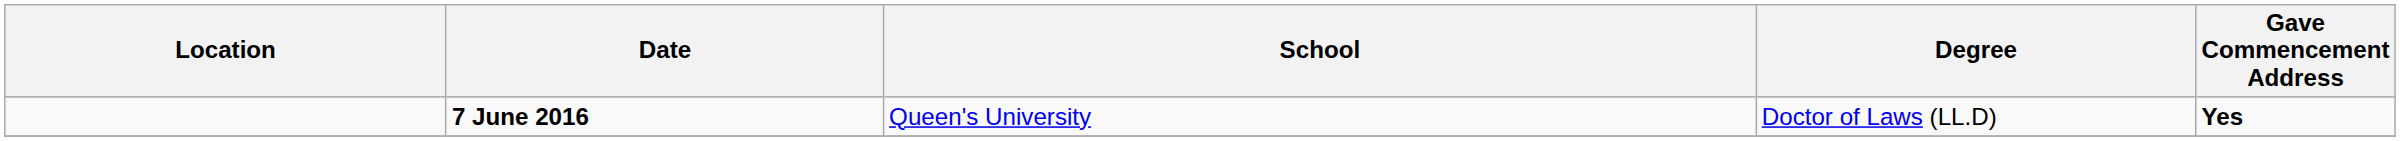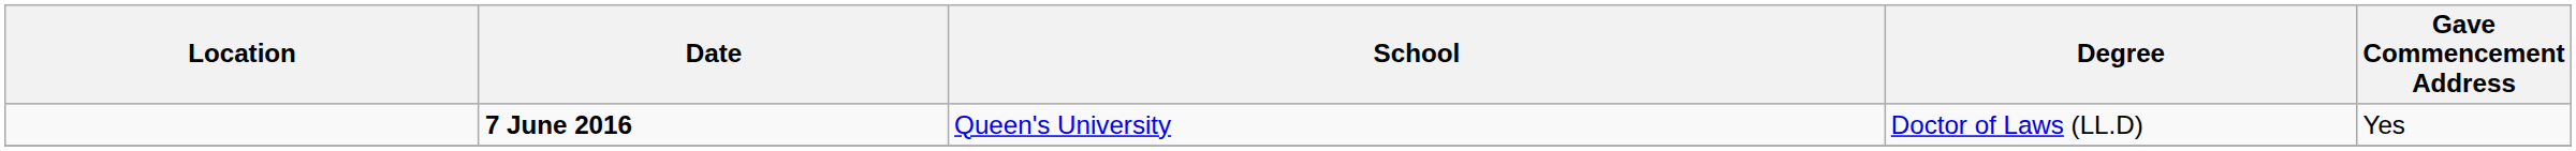 <table class="wikitable" style="width:100%;">
 <tr>
 <th style="width:20%;">Location</th>
 <th style="width:20%;">Date</th>
 <th style="width:40%;">School</th>
 <th style="width:20%;">Degree</th>
 <th style="width:20%;">Gave Commencement Address</th>
 </tr>
 <tr>
 <td></td>
 <td><strong>7 June 2016</strong></td>
 <td><a href='#'>Queen's University</a></td>
 <td><a href='#'>Doctor of Laws</a> (LL.D)</td>
-<td><strong>Yes</strong></td>
+<td>Yes</td>
 </tr>
 <tr>
 </tr>
 </table>
